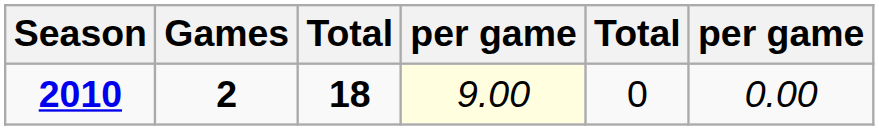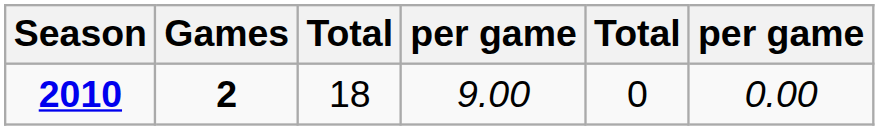 <table class="wikitable" style="text-align:center">
 <tr>
 <th>Season</th>
 <th>Games</th>
 <th>Total </th>
 <th> per game</th>
 <th>Total </th>
 <th> per game</th>
 </tr>
 <tr>
 <td><strong><a href='#'>2010</a></strong></td>
 <td><strong>2</strong></td>
-<td><strong>18</strong></td>
-<td style="background: lightyellow;"><em>9.00</em></td>
+<td>18</td>
+<td><em>9.00</em></td>
 <td>0</td>
 <td><em>0.00</em></td>
 </tr>
 </table>
